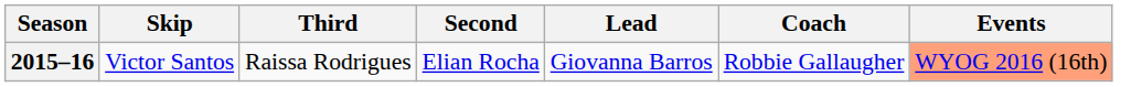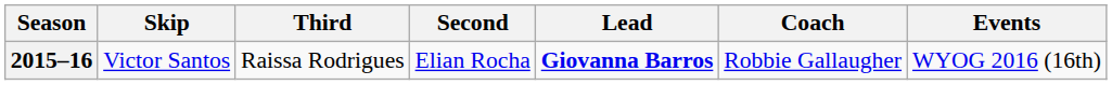 <table class="wikitable">
 <tr>
 <th scope="col">Season</th>
 <th scope="col">Skip</th>
 <th scope="col">Third</th>
 <th scope="col">Second</th>
 <th scope="col">Lead</th>
 <th scope="col">Coach</th>
 <th scope="col">Events</th>
 </tr>
 <tr>
 <th scope="row" rowspan="2">2015–16</th>
 <td><a href='#'>Victor Santos</a></td>
 <td>Raissa Rodrigues</td>
 <td><a href='#'>Elian Rocha</a></td>
-<td><a href='#'>Giovanna Barros</a></td>
+<td><strong><a href='#'>Giovanna Barros</a></strong></td>
 <td><a href='#'>Robbie Gallaugher</a></td>
-<td style="background: lightsalmon;"><a href='#'>WYOG 2016</a> (16th)</td>
+<td><a href='#'>WYOG 2016</a> (16th)</td>
 </tr>
 </table>
